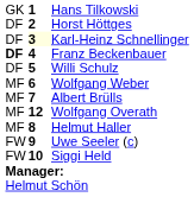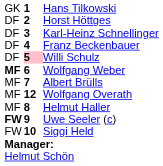 <table cellspacing="0" cellpadding="0" style="font-size:90%; margin:0.2em auto;">
 <tr>
 <th width="25"></th>
 <th width="25"></th>
 </tr>
 <tr>
 <td>GK</td>
 <td><strong>1</strong></td>
 <td><a href='#'>Hans Tilkowski</a></td>
 </tr>
 <tr>
 <td>DF</td>
 <td><strong>2</strong></td>
 <td><a href='#'>Horst Höttges</a></td>
 </tr>
 <tr>
 <td>DF</td>
-<td style="background: lightyellow;"><strong>3</strong></td>
+<td><strong>3</strong></td>
 <td><a href='#'>Karl-Heinz Schnellinger</a></td>
 </tr>
 <tr>
-<td><strong>DF</strong></td>
+<td>DF</td>
 <td><strong>4</strong></td>
 <td><a href='#'>Franz Beckenbauer</a></td>
 <td></td>
 </tr>
 <tr>
 <td>DF</td>
-<td><strong>5</strong></td>
+<td style="background: pink;"><strong>5</strong></td>
 <td><a href='#'>Willi Schulz</a></td>
 </tr>
 <tr>
-<td>MF</td>
+<td><strong>MF</strong></td>
 <td><strong>6</strong></td>
 <td><a href='#'>Wolfgang Weber</a></td>
 </tr>
 <tr>
 <td>MF</td>
 <td><strong>7</strong></td>
 <td><a href='#'>Albert Brülls</a></td>
 </tr>
 <tr>
 <td>MF</td>
 <td><strong>12</strong></td>
 <td><a href='#'>Wolfgang Overath</a></td>
 </tr>
 <tr>
 <td>MF</td>
 <td><strong>8</strong></td>
 <td><a href='#'>Helmut Haller</a></td>
 </tr>
 <tr>
-<td>FW</td>
+<td><strong>FW</strong></td>
 <td><strong>9</strong></td>
 <td><a href='#'>Uwe Seeler</a> (<a href='#'>c</a>)</td>
 </tr>
 <tr>
 <td>FW</td>
 <td><strong>10</strong></td>
 <td><a href='#'>Siggi Held</a></td>
 </tr>
 <tr>
 <td colspan=3><strong>Manager:</strong></td>
 </tr>
 <tr>
 <td colspan=3><a href='#'>Helmut Schön</a></td>
 </tr>
 </table>
